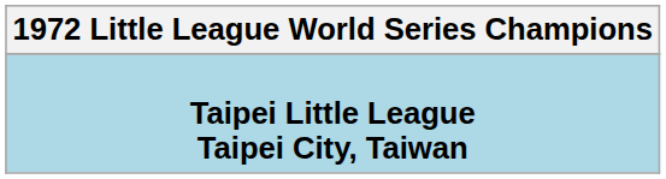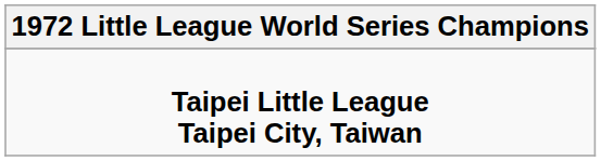 <table class="wikitable" style="text-align: center; margin: 0 auto;">
 <tr>
 <th>1972 Little League World Series Champions</th>
 </tr>
 <tr>
 </tr>
 <tr>
-<td style="background: lightblue;"><br><strong>Taipei Little League</strong><br><strong>Taipei City, Taiwan</strong></td>
+<td><br><strong>Taipei Little League</strong><br><strong>Taipei City, Taiwan</strong></td>
 </tr>
 </table>
